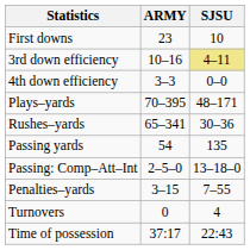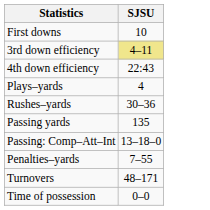 <table class="wikitable">
 <tr>
 <th>Statistics</th>
-<th>ARMY</th>
 <th>SJSU</th>
 </tr>
 <tr>
 <td>First downs</td>
-<td align=center>23</td>
 <td align=center>10</td>
 </tr>
 <tr>
 <td>3rd down efficiency</td>
-<td align=center>10–16</td>
 <td align=center style="background: khaki;">4–11</td>
 </tr>
 <tr>
 <td>4th down efficiency</td>
-<td align=center>3–3</td>
-<td align=center>0–0</td>
+<td align=center>22:43</td>
 </tr>
 <tr>
 <td>Plays–yards</td>
-<td align=center>70–395</td>
-<td align=center>48–171</td>
+<td align=center>4</td>
 </tr>
 <tr>
 <td>Rushes–yards</td>
-<td align=center>65–341</td>
 <td align=center>30–36</td>
 </tr>
 <tr>
 <td>Passing yards</td>
-<td align=center>54</td>
 <td align=center>135</td>
 </tr>
 <tr>
 <td>Passing: Comp–Att–Int</td>
-<td align=center>2–5–0</td>
 <td align=center>13–18–0</td>
 </tr>
 <tr>
 <td>Penalties–yards</td>
-<td align=center>3–15</td>
 <td align=center>7–55</td>
 </tr>
 <tr>
 <td>Turnovers</td>
-<td align=center>0</td>
-<td align=center>4</td>
+<td align=center>48–171</td>
 </tr>
 <tr>
 <td>Time of possession</td>
-<td align=center>37:17</td>
-<td align=center>22:43</td>
+<td align=center>0–0</td>
 </tr>
 </table>
